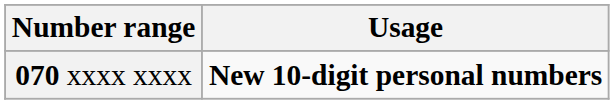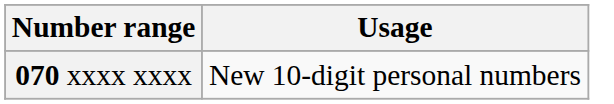 <table class="wikitable" style="margin-left: 1.5em;">
 <tr>
 <th>Number range</th>
 <th>Usage</th>
 </tr>
 <tr>
 <th scope="row" style="font-weight: normal;"><strong>070</strong> xxxx xxxx</th>
-<td><strong>New 10-digit personal numbers</strong></td>
+<td>New 10-digit personal numbers</td>
 </tr>
 </table>
